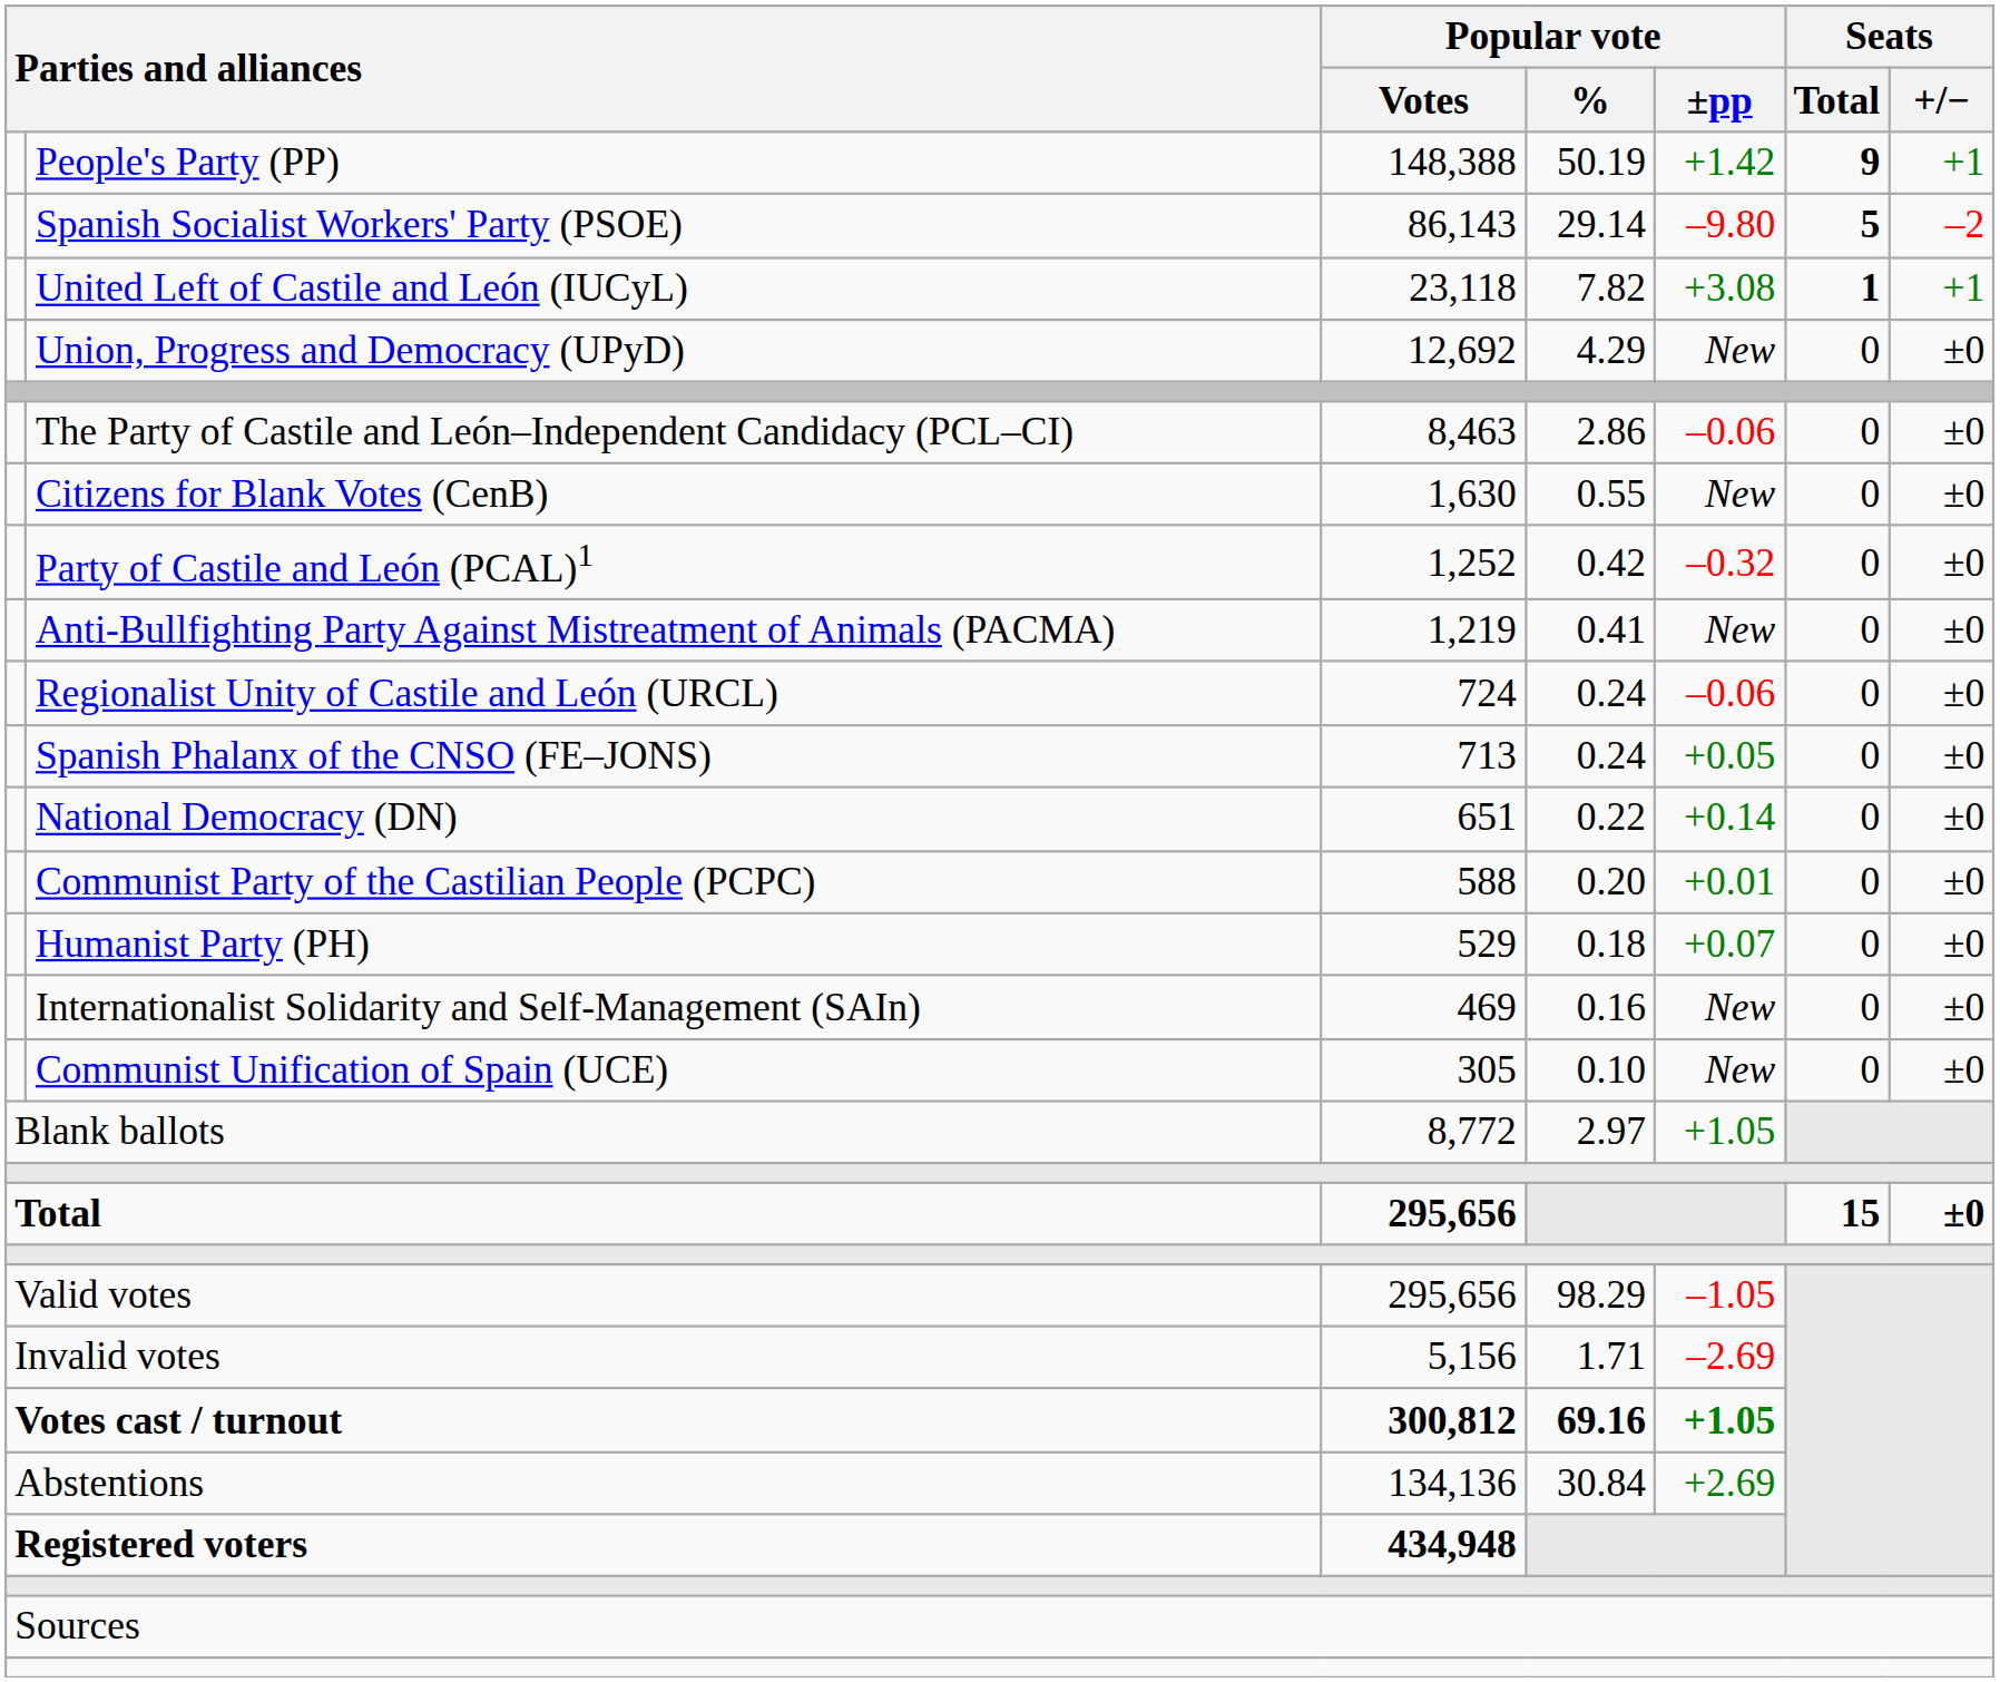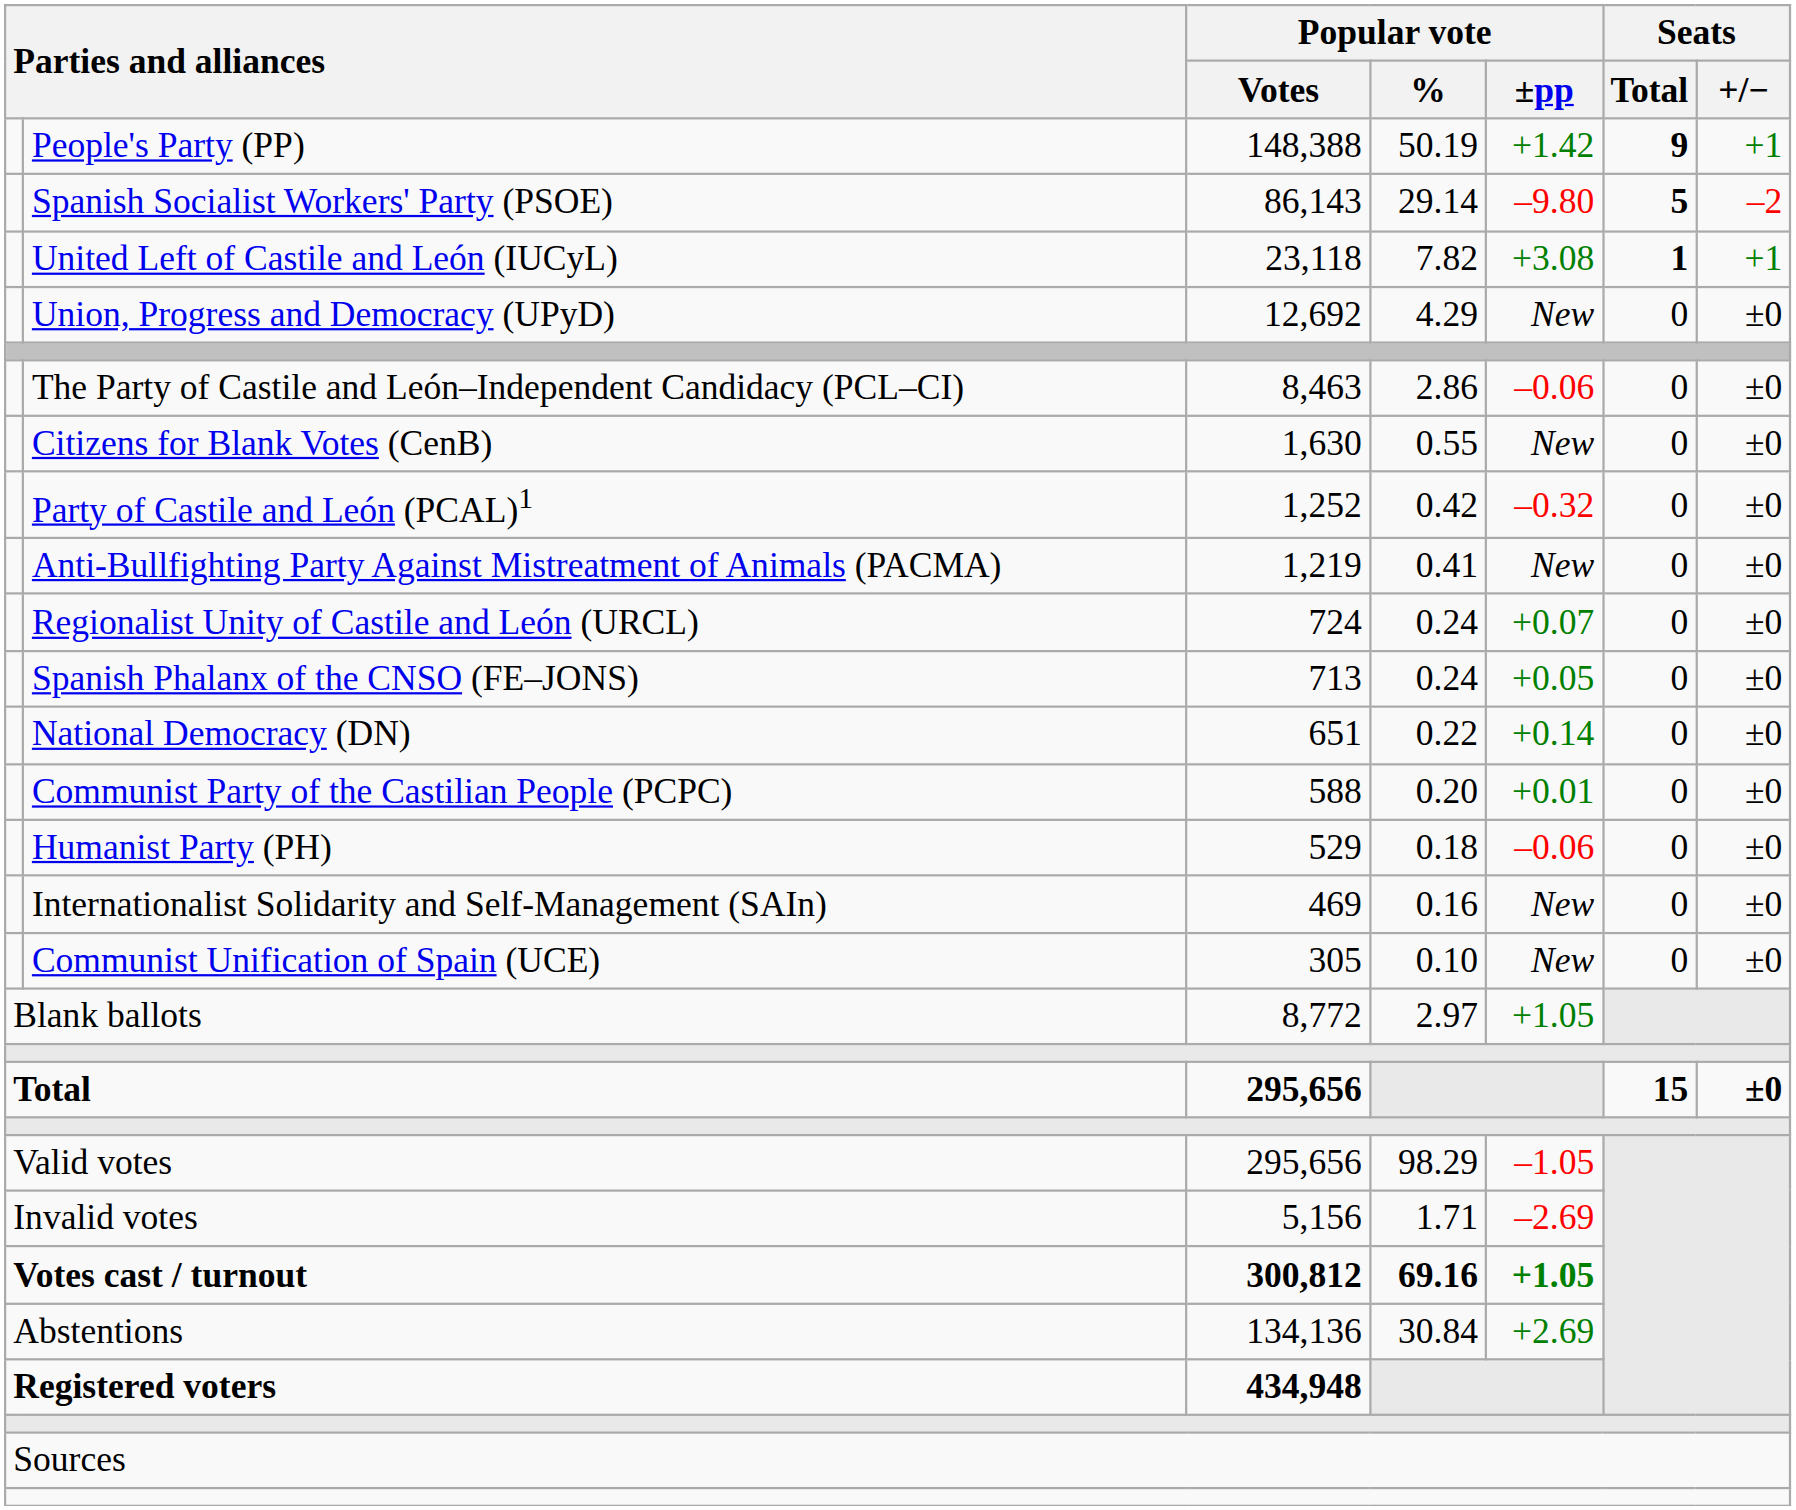 <table class="wikitable" style="text-align:right;">
 <tr>
 <th style="text-align:left;" rowspan="2" colspan="2" width="525">Parties and alliances</th>
 <th colspan="3">Popular vote</th>
 <th colspan="2">Seats</th>
 </tr>
 <tr>
 <th width="75">Votes</th>
 <th width="45">%</th>
 <th width="45">±<a href='#'>pp</a></th>
 <th width="35">Total</th>
 <th width="35">+/−</th>
 </tr>
 <tr>
 <td width="1" style="color:inherit;background:"></td>
 <td align="left"><a href='#'>People's Party</a> (PP)</td>
 <td>148,388</td>
 <td>50.19</td>
 <td style="color:green;">+1.42</td>
 <td><strong>9</strong></td>
 <td style="color:green;">+1</td>
 </tr>
 <tr>
 <td style="color:inherit;background:"></td>
 <td align="left"><a href='#'>Spanish Socialist Workers' Party</a> (PSOE)</td>
 <td>86,143</td>
 <td>29.14</td>
 <td style="color:red;">–9.80</td>
 <td><strong>5</strong></td>
 <td style="color:red;">–2</td>
 </tr>
 <tr>
 <td style="color:inherit;background:"></td>
 <td align="left"><a href='#'>United Left of Castile and León</a> (IUCyL)</td>
 <td>23,118</td>
 <td>7.82</td>
 <td style="color:green;">+3.08</td>
 <td><strong>1</strong></td>
 <td style="color:green;">+1</td>
 </tr>
 <tr>
 <td style="color:inherit;background:"></td>
 <td align="left"><a href='#'>Union, Progress and Democracy</a> (UPyD)</td>
 <td>12,692</td>
 <td>4.29</td>
 <td><em>New</em></td>
 <td>0</td>
 <td>±0</td>
 </tr>
 <tr>
 <td colspan="7" bgcolor="#C0C0C0"></td>
 </tr>
 <tr>
 <td style="color:inherit;background:"></td>
 <td align="left">The Party of Castile and León–Independent Candidacy (PCL–CI)</td>
 <td>8,463</td>
 <td>2.86</td>
 <td style="color:red;">–0.06</td>
 <td>0</td>
 <td>±0</td>
 </tr>
 <tr>
 <td style="color:inherit;background:"></td>
 <td align="left"><a href='#'>Citizens for Blank Votes</a> (CenB)</td>
 <td>1,630</td>
 <td>0.55</td>
 <td><em>New</em></td>
 <td>0</td>
 <td>±0</td>
 </tr>
 <tr>
 <td style="color:inherit;background:"></td>
 <td align="left"><a href='#'>Party of Castile and León</a> (PCAL)<sup>1</sup></td>
 <td>1,252</td>
 <td>0.42</td>
 <td style="color:red;">–0.32</td>
 <td>0</td>
 <td>±0</td>
 </tr>
 <tr>
 <td style="color:inherit;background:"></td>
 <td align="left"><a href='#'>Anti-Bullfighting Party Against Mistreatment of Animals</a> (PACMA)</td>
 <td>1,219</td>
 <td>0.41</td>
 <td><em>New</em></td>
 <td>0</td>
 <td>±0</td>
 </tr>
 <tr>
 <td style="color:inherit;background:"></td>
 <td align="left"><a href='#'>Regionalist Unity of Castile and León</a> (URCL)</td>
 <td>724</td>
 <td>0.24</td>
-<td style="color:red;">–0.06</td>
+<td style="color:green;">+0.07</td>
 <td>0</td>
 <td>±0</td>
 </tr>
 <tr>
 <td style="color:inherit;background:"></td>
 <td align="left"><a href='#'>Spanish Phalanx of the CNSO</a> (FE–JONS)</td>
 <td>713</td>
 <td>0.24</td>
 <td style="color:green;">+0.05</td>
 <td>0</td>
 <td>±0</td>
 </tr>
 <tr>
 <td style="color:inherit;background:"></td>
 <td align="left"><a href='#'>National Democracy</a> (DN)</td>
 <td>651</td>
 <td>0.22</td>
 <td style="color:green;">+0.14</td>
 <td>0</td>
 <td>±0</td>
 </tr>
 <tr>
 <td style="color:inherit;background:"></td>
 <td align="left"><a href='#'>Communist Party of the Castilian People</a> (PCPC)</td>
 <td>588</td>
 <td>0.20</td>
 <td style="color:green;">+0.01</td>
 <td>0</td>
 <td>±0</td>
 </tr>
 <tr>
 <td style="color:inherit;background:"></td>
 <td align="left"><a href='#'>Humanist Party</a> (PH)</td>
 <td>529</td>
 <td>0.18</td>
-<td style="color:green;">+0.07</td>
+<td style="color:red;">–0.06</td>
 <td>0</td>
 <td>±0</td>
 </tr>
 <tr>
 <td style="color:inherit;background:"></td>
 <td align="left">Internationalist Solidarity and Self-Management (SAIn)</td>
 <td>469</td>
 <td>0.16</td>
 <td><em>New</em></td>
 <td>0</td>
 <td>±0</td>
 </tr>
 <tr>
 <td style="color:inherit;background:"></td>
 <td align="left"><a href='#'>Communist Unification of Spain</a> (UCE)</td>
 <td>305</td>
 <td>0.10</td>
 <td><em>New</em></td>
 <td>0</td>
 <td>±0</td>
 </tr>
 <tr>
 <td align="left" colspan="2">Blank ballots</td>
 <td>8,772</td>
 <td>2.97</td>
 <td style="color:green;">+1.05</td>
 <td bgcolor="#E9E9E9" colspan="2"></td>
 </tr>
 <tr>
 <td colspan="7" bgcolor="#E9E9E9"></td>
 </tr>
 <tr style="font-weight:bold;">
 <td align="left" colspan="2">Total</td>
 <td>295,656</td>
 <td bgcolor="#E9E9E9" colspan="2"></td>
 <td>15</td>
 <td>±0</td>
 </tr>
 <tr>
 <td colspan="7" bgcolor="#E9E9E9"></td>
 </tr>
 <tr>
 <td align="left" colspan="2">Valid votes</td>
 <td>295,656</td>
 <td>98.29</td>
 <td style="color:red;">–1.05</td>
 <td bgcolor="#E9E9E9" colspan="2" rowspan="5"></td>
 </tr>
 <tr>
 <td align="left" colspan="2">Invalid votes</td>
 <td>5,156</td>
 <td>1.71</td>
 <td style="color:red;">–2.69</td>
 </tr>
 <tr style="font-weight:bold;">
 <td align="left" colspan="2">Votes cast / turnout</td>
 <td>300,812</td>
 <td>69.16</td>
 <td style="color:green;">+1.05</td>
 </tr>
 <tr>
 <td align="left" colspan="2">Abstentions</td>
 <td>134,136</td>
 <td>30.84</td>
 <td style="color:green;">+2.69</td>
 </tr>
 <tr style="font-weight:bold;">
 <td align="left" colspan="2">Registered voters</td>
 <td>434,948</td>
 <td bgcolor="#E9E9E9" colspan="2"></td>
 </tr>
 <tr>
 <td colspan="7" bgcolor="#E9E9E9"></td>
 </tr>
 <tr>
 <td align="left" colspan="7">Sources</td>
 </tr>
 <tr>
 <td colspan="7" style="text-align:left; max-width:790px;"></td>
 </tr>
 </table>
